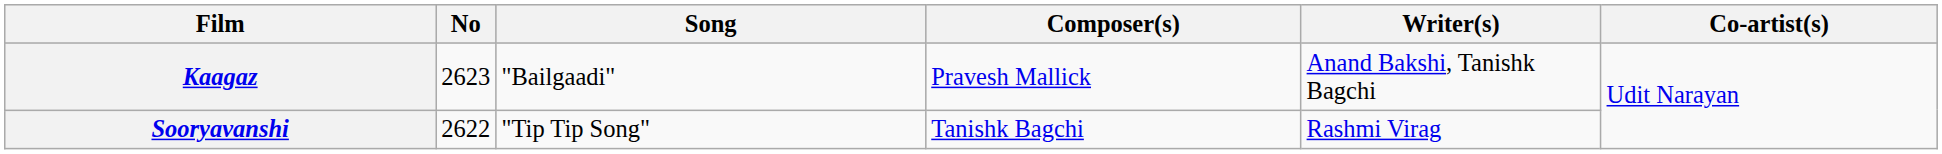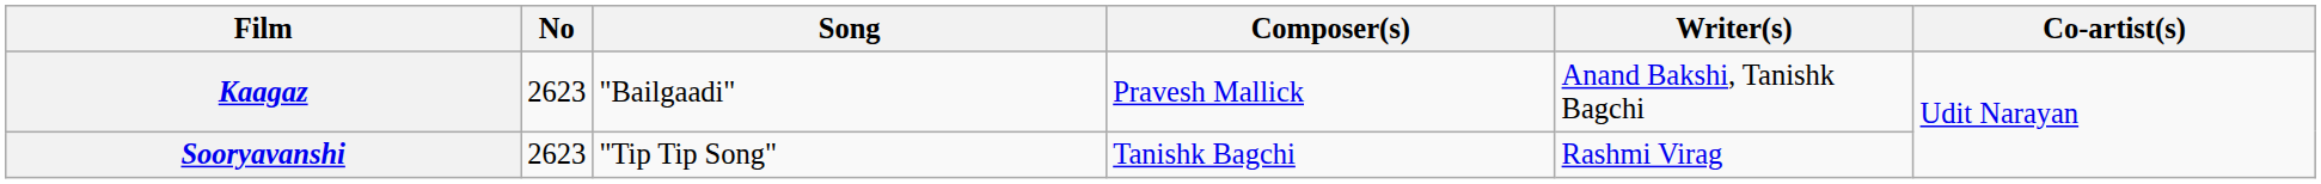 <table class="wikitable plainrowheaders" width="100%" textcolor:#000;">
 <tr style="background:#b0e0e66;">
 <th scope="col" width=23%><strong>Film</strong></th>
 <th><strong>No</strong></th>
 <th scope="col" width=23%><strong>Song</strong></th>
 <th scope="col" width=20%><strong>Composer(s)</strong></th>
 <th scope="col" width=16%><strong>Writer(s)</strong></th>
 <th scope="col" width=18%><strong>Co-artist(s)</strong></th>
 </tr>
 <tr>
 <th><em><a href='#'>Kaagaz</a></em></th>
 <td>2623</td>
 <td>"Bailgaadi"</td>
 <td><a href='#'>Pravesh Mallick</a></td>
 <td><a href='#'>Anand Bakshi</a>, Tanishk Bagchi</td>
 <td rowspan=2><a href='#'>Udit Narayan</a></td>
 </tr>
 <tr>
 <th><em><a href='#'>Sooryavanshi</a></em></th>
-<td>2622</td>
+<td>2623</td>
 <td>"Tip Tip Song"</td>
 <td><a href='#'>Tanishk Bagchi</a></td>
 <td><a href='#'>Rashmi Virag</a></td>
 </tr>
 </table>
